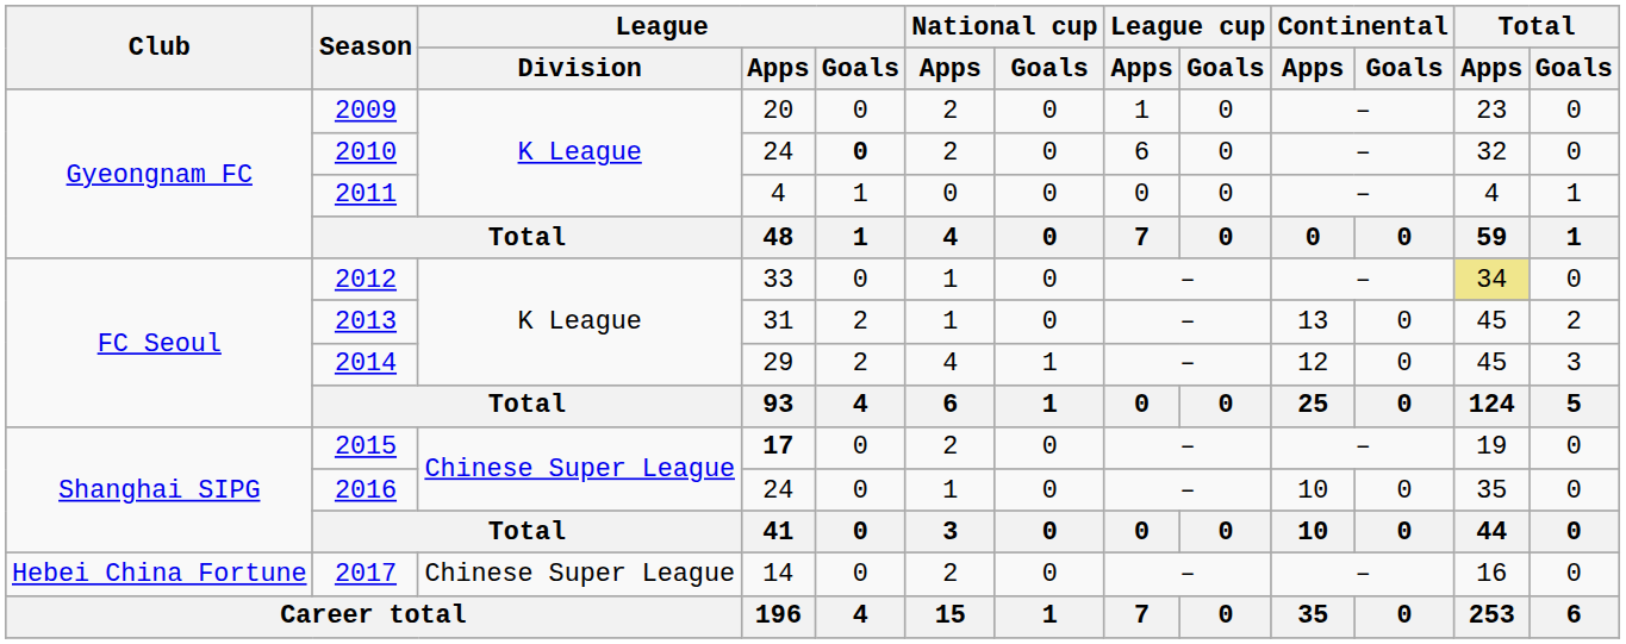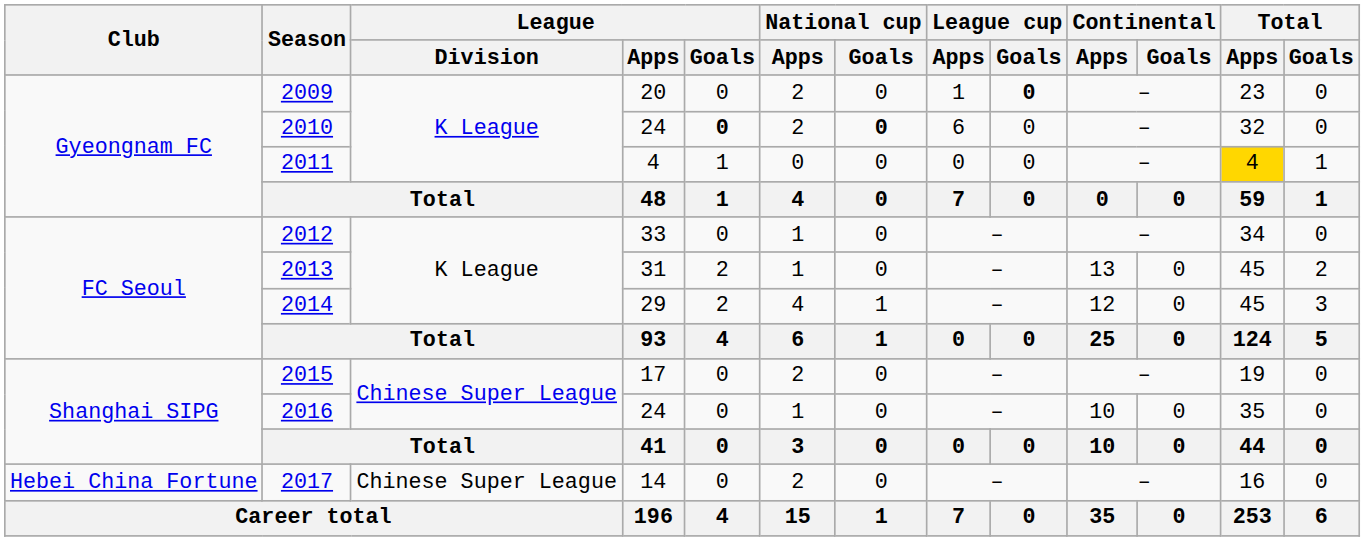 <table class="wikitable" style="text-align: center">
 <tr>
 <th rowspan="2">Club</th>
 <th rowspan="2">Season</th>
 <th colspan="3">League</th>
 <th colspan="2">National cup</th>
 <th colspan="2">League cup</th>
 <th colspan="2">Continental</th>
 <th colspan="2">Total</th>
 </tr>
 <tr>
 <th>Division</th>
 <th>Apps</th>
 <th>Goals</th>
 <th>Apps</th>
 <th>Goals</th>
 <th>Apps</th>
 <th>Goals</th>
 <th>Apps</th>
 <th>Goals</th>
 <th>Apps</th>
 <th>Goals</th>
 </tr>
 <tr>
 <td rowspan="4"><a href='#'>Gyeongnam FC</a></td>
 <td><a href='#'>2009</a></td>
 <td rowspan="3"><a href='#'>K League</a></td>
 <td>20</td>
 <td>0</td>
 <td>2</td>
 <td>0</td>
 <td>1</td>
-<td>0</td>
+<td><strong>0</strong></td>
 <td colspan="2">–</td>
 <td>23</td>
 <td>0</td>
 </tr>
 <tr>
 <td><a href='#'>2010</a></td>
 <td>24</td>
 <td><strong>0</strong></td>
 <td>2</td>
-<td>0</td>
+<td><strong>0</strong></td>
 <td>6</td>
 <td>0</td>
 <td colspan="2">–</td>
 <td>32</td>
 <td>0</td>
 </tr>
 <tr>
 <td><a href='#'>2011</a></td>
 <td>4</td>
 <td>1</td>
 <td>0</td>
 <td>0</td>
 <td>0</td>
 <td>0</td>
 <td colspan="2">–</td>
-<td>4</td>
+<td style="background: gold;">4</td>
 <td>1</td>
 </tr>
 <tr>
 <th colspan="2">Total</th>
 <th>48</th>
 <th>1</th>
 <th>4</th>
 <th>0</th>
 <th>7</th>
 <th>0</th>
 <th>0</th>
 <th>0</th>
 <th>59</th>
 <th>1</th>
 </tr>
 <tr>
 <td rowspan="4"><a href='#'>FC Seoul</a></td>
 <td><a href='#'>2012</a></td>
 <td rowspan="3">K League</td>
 <td>33</td>
 <td>0</td>
 <td>1</td>
 <td>0</td>
 <td colspan="2">–</td>
 <td colspan="2">–</td>
-<td style="background: khaki;">34</td>
+<td>34</td>
 <td>0</td>
 </tr>
 <tr>
 <td><a href='#'>2013</a></td>
 <td>31</td>
 <td>2</td>
 <td>1</td>
 <td>0</td>
 <td colspan="2">–</td>
 <td>13</td>
 <td>0</td>
 <td>45</td>
 <td>2</td>
 </tr>
 <tr>
 <td><a href='#'>2014</a></td>
 <td>29</td>
 <td>2</td>
 <td>4</td>
 <td>1</td>
 <td colspan="2">–</td>
 <td>12</td>
 <td>0</td>
 <td>45</td>
 <td>3</td>
 </tr>
 <tr>
 <th colspan="2">Total</th>
 <th>93</th>
 <th>4</th>
 <th>6</th>
 <th>1</th>
 <th>0</th>
 <th>0</th>
 <th>25</th>
 <th>0</th>
 <th>124</th>
 <th>5</th>
 </tr>
 <tr>
 <td rowspan="3"><a href='#'>Shanghai SIPG</a></td>
 <td><a href='#'>2015</a></td>
 <td rowspan="2"><a href='#'>Chinese Super League</a></td>
-<td><strong>17</strong></td>
+<td>17</td>
 <td>0</td>
 <td>2</td>
 <td>0</td>
 <td colspan="2">–</td>
 <td colspan="2">–</td>
 <td>19</td>
 <td>0</td>
 </tr>
 <tr>
 <td><a href='#'>2016</a></td>
 <td>24</td>
 <td>0</td>
 <td>1</td>
 <td>0</td>
 <td colspan="2">–</td>
 <td>10</td>
 <td>0</td>
 <td>35</td>
 <td>0</td>
 </tr>
 <tr>
 <th colspan="2">Total</th>
 <th>41</th>
 <th>0</th>
 <th>3</th>
 <th>0</th>
 <th>0</th>
 <th>0</th>
 <th>10</th>
 <th>0</th>
 <th>44</th>
 <th>0</th>
 </tr>
 <tr>
 <td><a href='#'>Hebei China Fortune</a></td>
 <td><a href='#'>2017</a></td>
 <td>Chinese Super League</td>
 <td>14</td>
 <td>0</td>
 <td>2</td>
 <td>0</td>
 <td colspan="2">–</td>
 <td colspan="2">–</td>
 <td>16</td>
 <td>0</td>
 </tr>
 <tr>
 <th colspan="3">Career total</th>
 <th>196</th>
 <th>4</th>
 <th>15</th>
 <th>1</th>
 <th>7</th>
 <th>0</th>
 <th>35</th>
 <th>0</th>
 <th>253</th>
 <th>6</th>
 </tr>
 </table>
